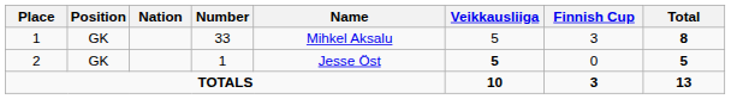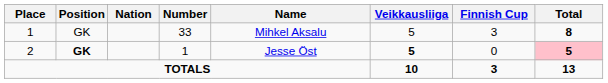 <table class="wikitable" style="font-size: 95%; text-align: center;">
 <tr>
 <th width=60>Place</th>
 <th width=60>Position</th>
 <th width=60>Nation</th>
 <th width=60>Number</th>
 <th width=200>Name</th>
 <th width=100><a href='#'>Veikkausliiga</a></th>
 <th width=100><a href='#'>Finnish Cup</a></th>
 <th width=80><strong>Total</strong></th>
 </tr>
 <tr>
 <td>1</td>
 <td>GK</td>
 <td></td>
 <td>33</td>
 <td><a href='#'>Mihkel Aksalu</a></td>
 <td>5</td>
 <td>3</td>
 <td><strong>8</strong></td>
 </tr>
 <tr>
 <td>2</td>
-<td>GK</td>
+<td><strong>GK</strong></td>
 <td></td>
 <td>1</td>
 <td><a href='#'>Jesse Öst</a></td>
 <td><strong>5</strong></td>
 <td>0</td>
-<td><strong>5</strong></td>
+<td style="background: pink;"><strong>5</strong></td>
 </tr>
 <tr>
 <td colspan="5"><strong>TOTALS</strong></td>
 <td><strong>10</strong></td>
 <td><strong>3</strong></td>
 <td><strong>13</strong></td>
 </tr>
 </table>
